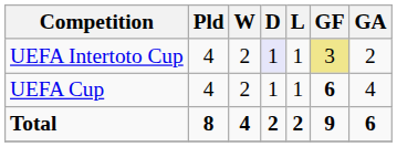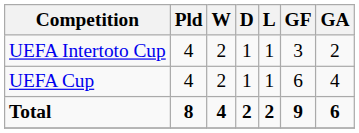 <table class="wikitable">
 <tr>
 <th>Competition</th>
 <th>Pld</th>
 <th>W</th>
 <th>D</th>
 <th>L</th>
 <th>GF</th>
 <th>GA</th>
 </tr>
 <tr>
 <td><a href='#'>UEFA Intertoto Cup</a></td>
 <td style="text-align:center;">4</td>
 <td style="text-align:center;">2</td>
-<td style="background: lavender; text-align:center;">1</td>
 <td style="text-align:center;">1</td>
-<td style="background: khaki; text-align:center;">3</td>
+<td style="text-align:center;">1</td>
+<td style="text-align:center;">3</td>
 <td style="text-align:center;">2</td>
 </tr>
 <tr>
 <td><a href='#'>UEFA Cup</a></td>
 <td style="text-align:center;">4</td>
 <td style="text-align:center;">2</td>
 <td style="text-align:center;">1</td>
 <td style="text-align:center;">1</td>
-<td style="text-align:center;"><strong>6</strong></td>
+<td style="text-align:center;">6</td>
 <td style="text-align:center;">4</td>
 </tr>
 <tr>
 <td><strong>Total</strong></td>
 <td style="text-align:center;"><strong>8</strong></td>
 <td style="text-align:center;"><strong>4</strong></td>
 <td style="text-align:center;"><strong>2</strong></td>
 <td style="text-align:center;"><strong>2</strong></td>
 <td style="text-align:center;"><strong>9</strong></td>
 <td style="text-align:center;"><strong>6</strong></td>
 </tr>
 <tr>
 </tr>
 </table>
